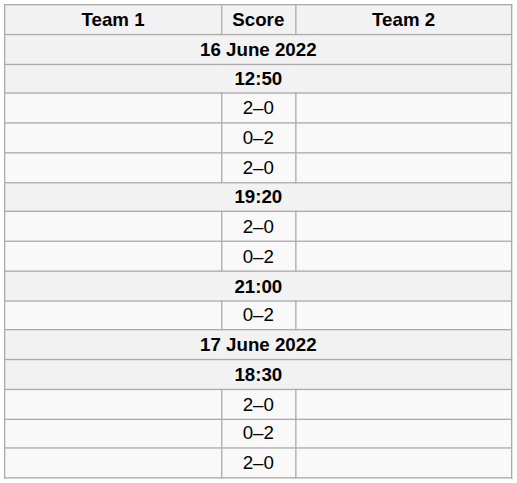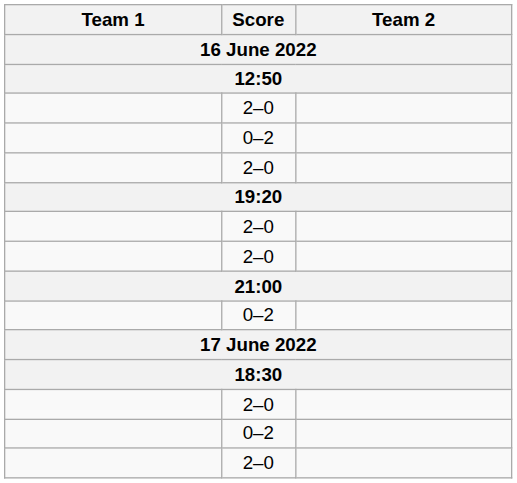 <table class="wikitable" style="text-align: center; font-size:90% ">
 <tr>
 <th align="right" width="160">Team 1</th>
 <th width="50">Score</th>
 <th align="left" width="160">Team 2</th>
 </tr>
 <tr>
 <th colspan=3>16 June 2022</th>
 </tr>
 <tr>
 <th colspan=3>12:50</th>
 </tr>
 <tr>
 <td align=right></td>
 <td align=center>2–0</td>
 <td align=left></td>
 </tr>
 <tr>
 <td align=right></td>
 <td align=center>0–2</td>
 <td align=left></td>
 </tr>
 <tr>
 <td align=right></td>
 <td align=center>2–0</td>
 <td align=left></td>
 </tr>
 <tr>
 <th colspan=3>19:20</th>
 </tr>
 <tr>
 <td align=right></td>
 <td align=center>2–0</td>
 <td align=left></td>
 </tr>
 <tr>
 <td align=right></td>
-<td align=center>0–2</td>
+<td align=center>2–0</td>
 <td align=left></td>
 </tr>
 <tr>
 <th colspan=3>21:00</th>
 </tr>
 <tr>
 <td align=right></td>
 <td align=center>0–2</td>
 <td align=left></td>
 </tr>
 <tr>
 <th colspan=3>17 June 2022</th>
 </tr>
 <tr>
 <th colspan=3>18:30</th>
 </tr>
 <tr>
 <td align=right></td>
 <td align=center>2–0</td>
 <td align=left></td>
 </tr>
 <tr>
 <td align=right></td>
 <td align=center>0–2</td>
 <td align=left></td>
 </tr>
 <tr>
 <td align=right></td>
 <td align=center>2–0</td>
 <td align=left></td>
 </tr>
 </table>
